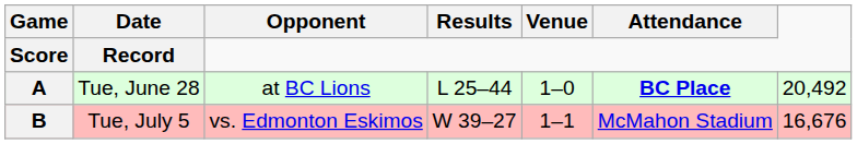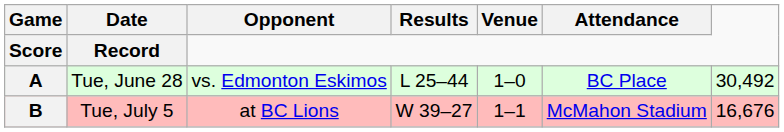 <table class="wikitable" style="text-align:center">
 <tr>
 <th>Game</th>
 <th>Date</th>
 <th>Opponent</th>
 <th>Results</th>
 <th>Venue</th>
 <th>Attendance</th>
 </tr>
 <tr>
 <th>Score</th>
 <th>Record</th>
 </tr>
 <tr style="background:#ddffdd">
 <th>A</th>
 <td>Tue, June 28</td>
-<td>at <a href='#'>BC Lions</a></td>
+<td>vs. <a href='#'>Edmonton Eskimos</a></td>
 <td>L 25–44</td>
 <td>1–0</td>
-<td><strong><a href='#'>BC Place</a></strong></td>
-<td>20,492</td>
+<td><a href='#'>BC Place</a></td>
+<td>30,492</td>
 </tr>
 <tr style="background:#ffbbbb">
 <th>B</th>
 <td>Tue, July 5</td>
-<td>vs. <a href='#'>Edmonton Eskimos</a></td>
+<td>at <a href='#'>BC Lions</a></td>
 <td>W 39–27</td>
 <td>1–1</td>
 <td><a href='#'>McMahon Stadium</a></td>
 <td>16,676</td>
 </tr>
 </table>
